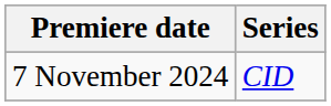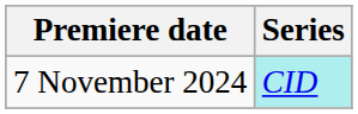 <table class="wikitable sortable">
 <tr>
 <th>Premiere date</th>
 <th>Series</th>
 </tr>
 <tr>
 <td>7 November 2024</td>
-<td><em><a href='#'>CID</a></em></td>
+<td style="background: paleturquoise;"><em><a href='#'>CID</a></em></td>
 </tr>
 </table>
